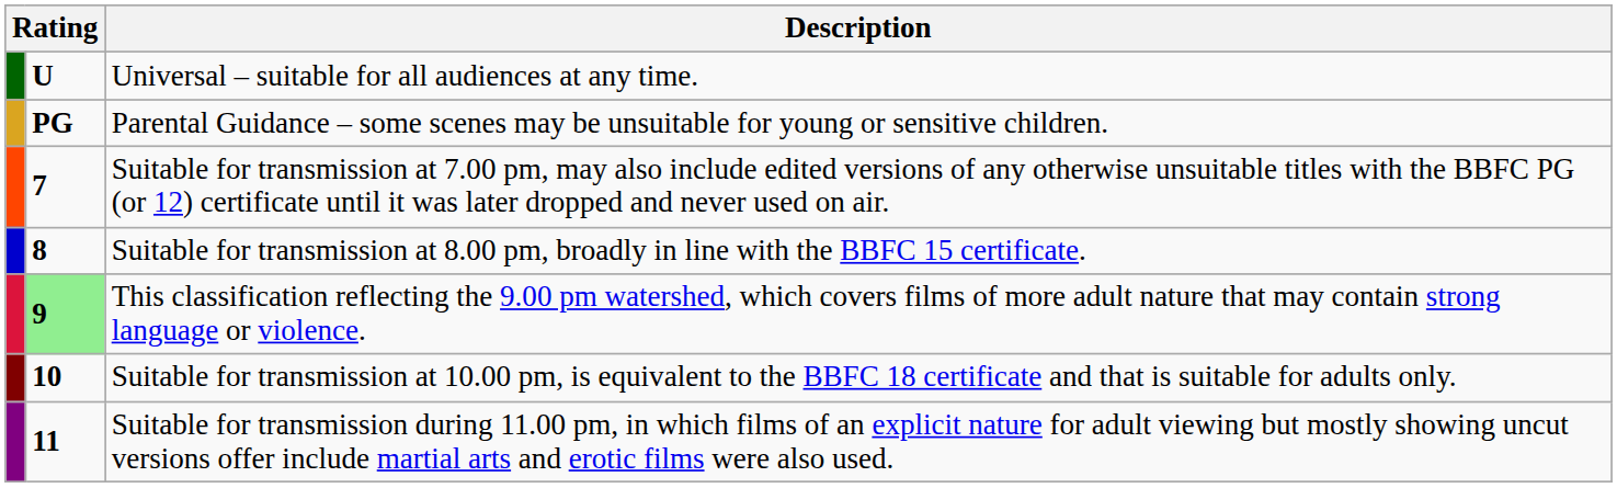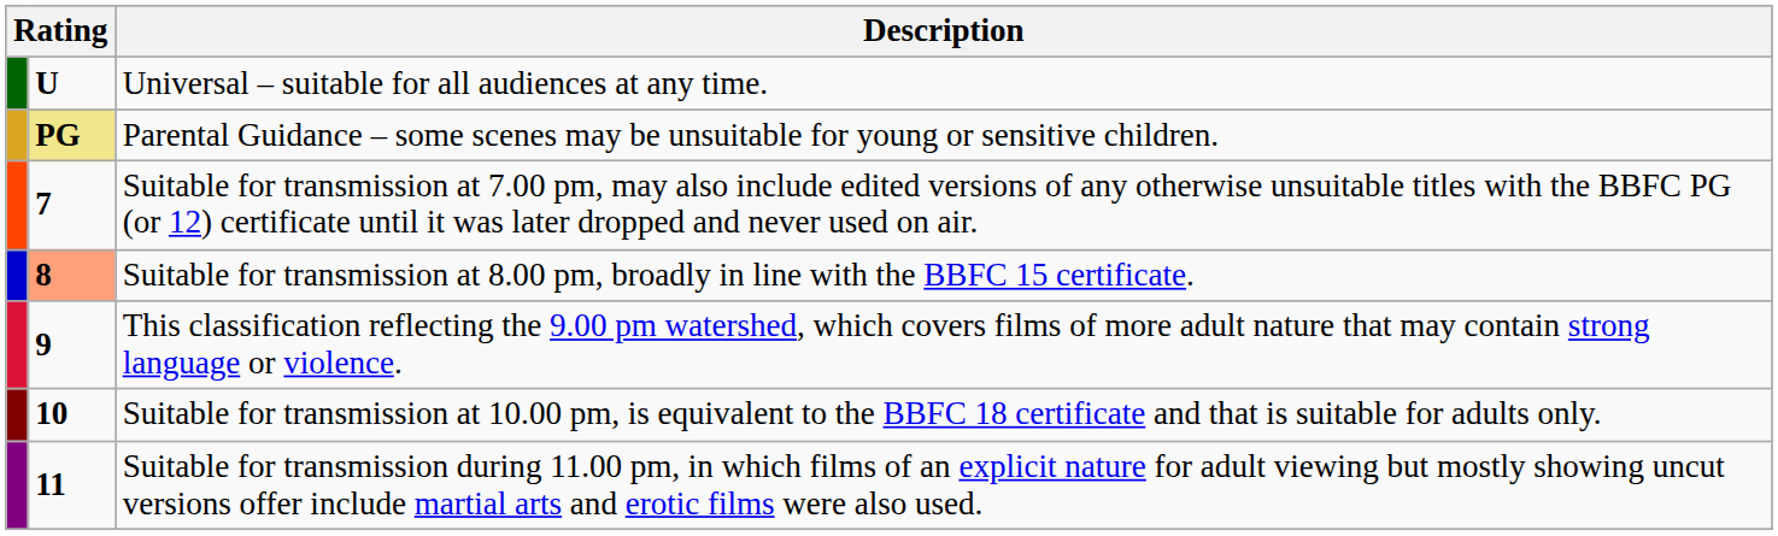 <table class="wikitable">
 <tr>
 <th colspan=2>Rating</th>
 <th>Description</th>
 </tr>
 <tr>
 <td bgcolor="darkgreen"></td>
 <td><strong>U</strong></td>
 <td>Universal – suitable for all audiences at any time.</td>
 </tr>
 <tr>
 <td bgcolor="goldenrod"></td>
-<td><strong>PG</strong></td>
+<td style="background: khaki;"><strong>PG</strong></td>
 <td>Parental Guidance – some scenes may be unsuitable for young or sensitive children.</td>
 </tr>
 <tr>
 <td bgcolor="orangered"></td>
 <td><strong>7</strong></td>
 <td>Suitable for transmission at 7.00 pm, may also include edited versions of any otherwise unsuitable titles with the BBFC PG (or <a href='#'>12</a>) certificate until it was later dropped and never used on air.</td>
 </tr>
 <tr>
 <td bgcolor="mediumblue"></td>
-<td><strong>8</strong></td>
+<td style="background: lightsalmon;"><strong>8</strong></td>
 <td>Suitable for transmission at 8.00 pm, broadly in line with the <a href='#'>BBFC 15 certificate</a>.</td>
 </tr>
 <tr>
 <td bgcolor="crimson"></td>
-<td style="background: lightgreen;"><strong>9</strong></td>
+<td><strong>9</strong></td>
 <td>This classification reflecting the <a href='#'>9.00 pm watershed</a>, which covers films of more adult nature that may contain <a href='#'>strong language</a> or <a href='#'>violence</a>.</td>
 </tr>
 <tr>
 <td bgcolor="maroon"></td>
 <td><strong>10</strong></td>
 <td>Suitable for transmission at 10.00 pm, is equivalent to the <a href='#'>BBFC 18 certificate</a> and that is suitable for adults only.</td>
 </tr>
 <tr>
 <td bgcolor="purple"></td>
 <td><strong>11</strong></td>
 <td>Suitable for transmission during 11.00 pm, in which films of an <a href='#'>explicit nature</a> for adult viewing but mostly showing uncut versions offer include <a href='#'>martial arts</a> and <a href='#'>erotic films</a> were also used.</td>
 </tr>
 </table>
